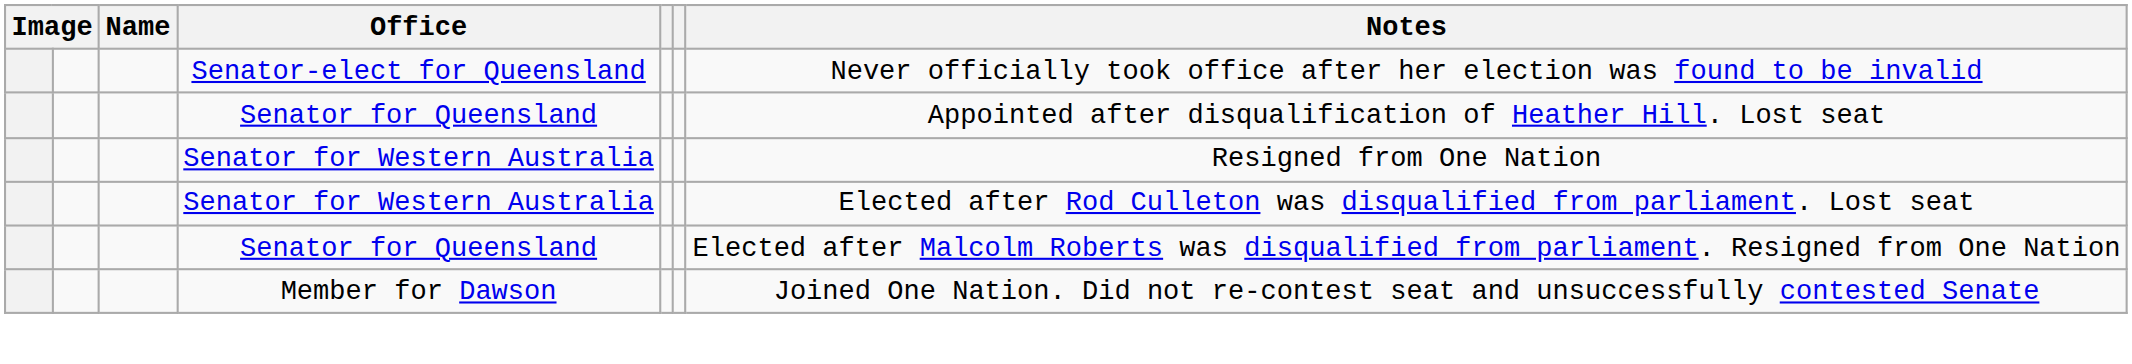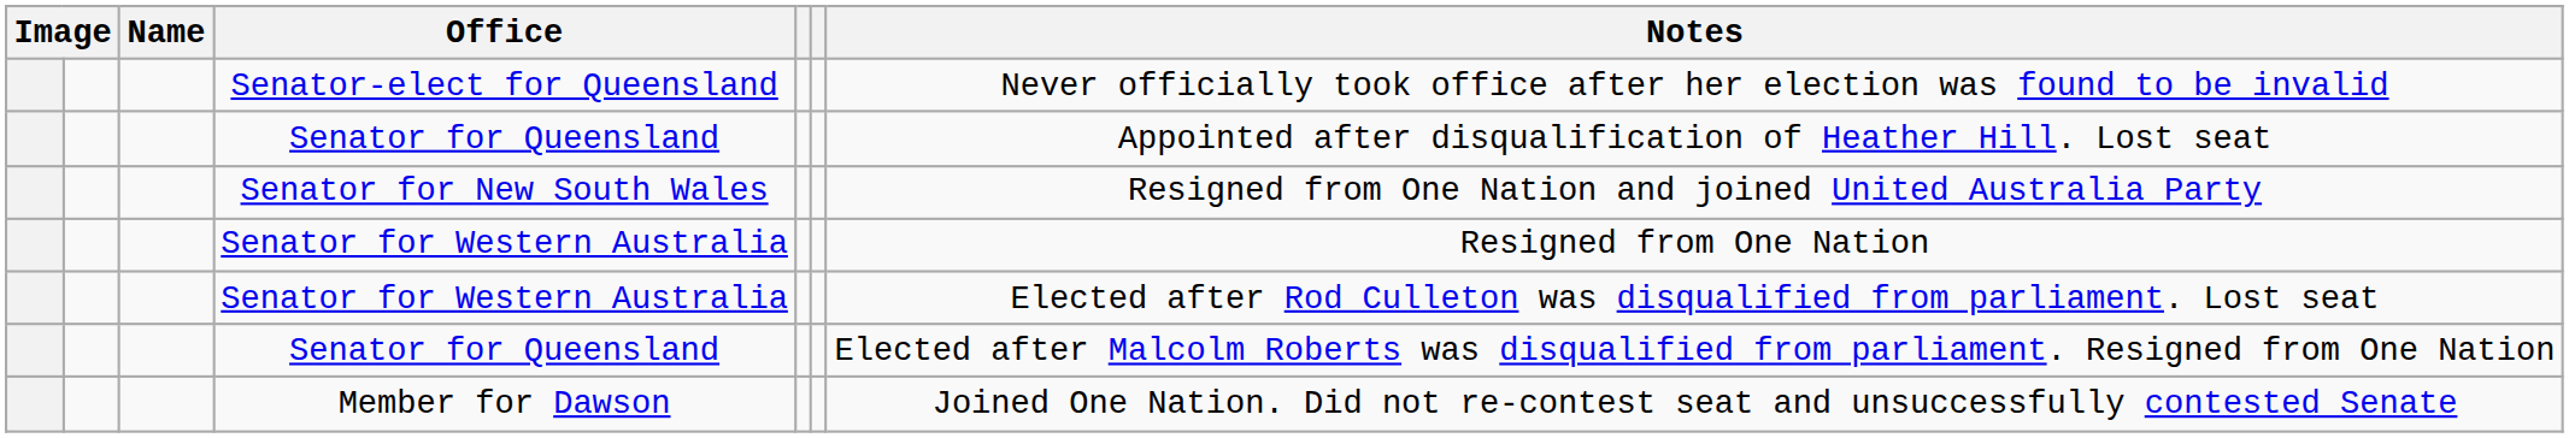 <table class="wikitable" style="text-align:center" "width:100%">
 <tr>
 <th colspan=2>Image</th>
 <th>Name<br></th>
 <th>Office</th>
 <th></th>
 <th></th>
 <th>Notes</th>
 </tr>
 <tr>
 <th style="background:"></th>
 <td></td>
 <td><br></td>
 <td><a href='#'>Senator-elect for Queensland</a></td>
 <td></td>
 <td></td>
 <td>Never officially took office after her election was <a href='#'>found to be invalid</a></td>
 </tr>
 <tr>
 <th style="background:"></th>
 <td></td>
 <td><br></td>
 <td><a href='#'>Senator for Queensland</a></td>
 <td></td>
 <td></td>
 <td>Appointed after disqualification of <a href='#'>Heather Hill</a>. Lost seat</td>
+</tr>
+<tr>
+<th style="background:"></th>
+<td></td>
+<td><br></td>
+<td><a href='#'>Senator for New South Wales</a></td>
+<td></td>
+<td></td>
+<td>Resigned from One Nation and joined <a href='#'>United Australia Party</a></td>
 </tr>
 <tr>
 <th style="background:"></th>
 <td></td>
 <td><br></td>
 <td><a href='#'>Senator for Western Australia</a></td>
 <td></td>
 <td></td>
 <td>Resigned from One Nation</td>
 </tr>
 <tr>
 <th style="background:"></th>
 <td></td>
 <td><br></td>
 <td><a href='#'>Senator for Western Australia</a></td>
 <td></td>
 <td></td>
 <td>Elected after <a href='#'>Rod Culleton</a> was <a href='#'>disqualified from parliament</a>. Lost seat</td>
 </tr>
 <tr>
 <th style="background:"></th>
 <td></td>
 <td><br></td>
 <td><a href='#'>Senator for Queensland</a></td>
 <td></td>
 <td></td>
 <td>Elected after <a href='#'>Malcolm Roberts</a> was <a href='#'>disqualified from parliament</a>. Resigned from One Nation</td>
 </tr>
 <tr>
 <th style="background:"></th>
 <td></td>
 <td><br></td>
 <td>Member for <a href='#'>Dawson</a></td>
 <td></td>
 <td></td>
 <td>Joined One Nation. Did not re-contest seat and unsuccessfully <a href='#'>contested Senate</a></td>
 </tr>
 </table>
